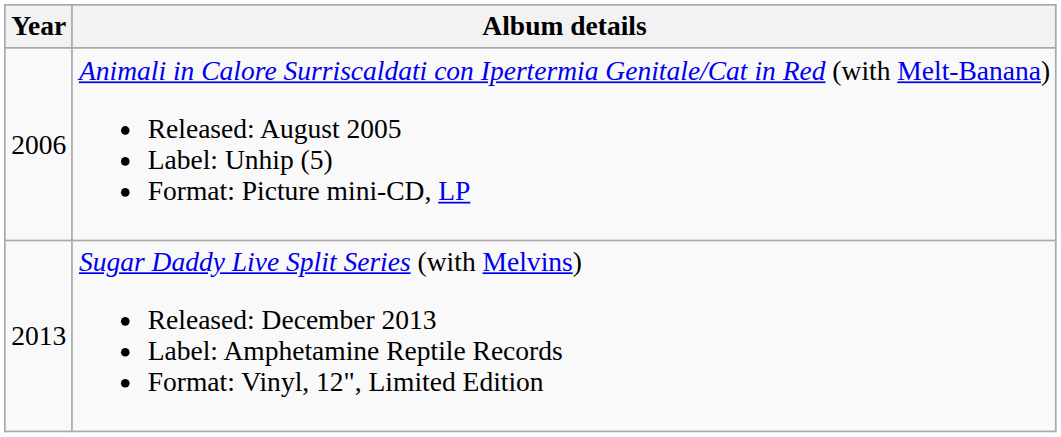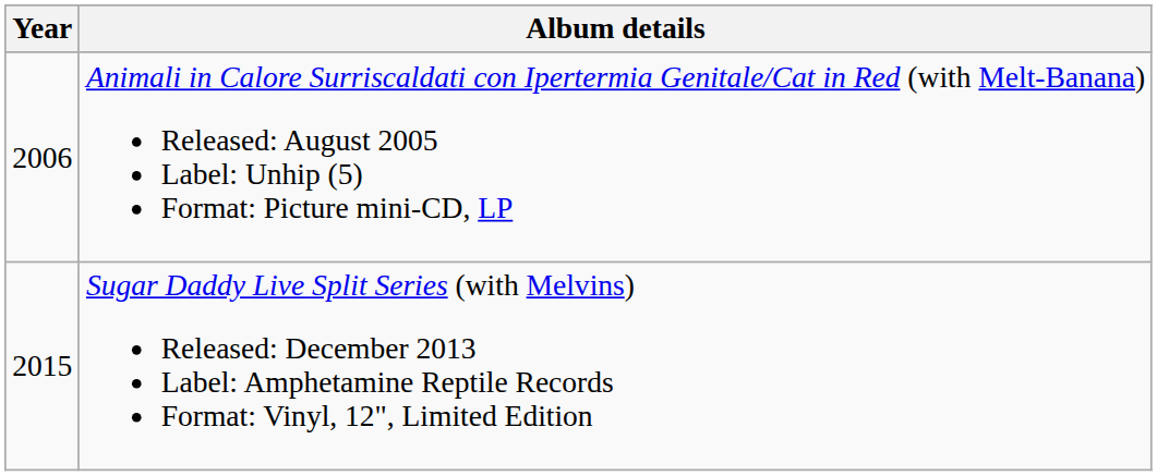 <table class="wikitable">
 <tr>
 <th>Year</th>
 <th>Album details</th>
 </tr>
 <tr>
 <td>2006</td>
 <td style="text-align:left;"><em><a href='#'>Animali in Calore Surriscaldati con Ipertermia Genitale/Cat in Red</a></em> (with <a href='#'>Melt-Banana</a>)<br><ul><li>Released: August 2005</li><li>Label: Unhip (5)</li><li>Format: Picture mini-CD, <a href='#'>LP</a></li></ul></td>
 </tr>
 <tr>
-<td>2013</td>
+<td>2015</td>
 <td style="text-align:left;"><em><a href='#'>Sugar Daddy Live Split Series</a></em> (with <a href='#'>Melvins</a>)<br><ul><li>Released: December 2013</li><li>Label: Amphetamine Reptile Records</li><li>Format: Vinyl, 12", Limited Edition</li></ul></td>
 </tr>
 </table>
